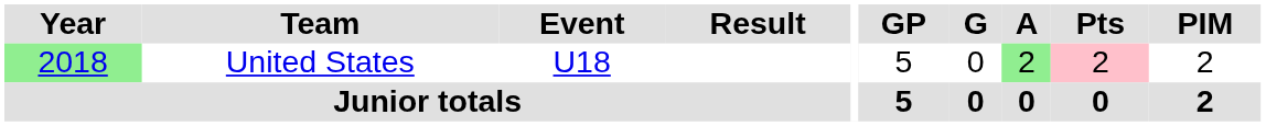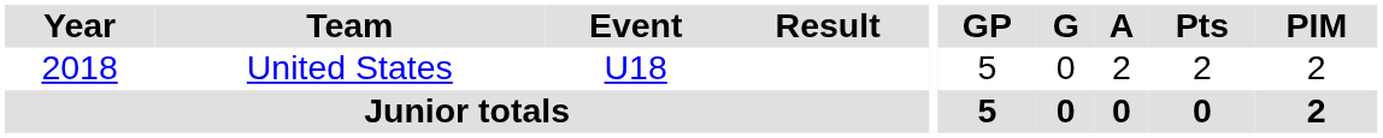 <table border="0" cellpadding="1" cellspacing="0" ID="Table3" style="text-align:center; width:40em">
 <tr ALIGN="center" bgcolor="#e0e0e0">
 <th>Year</th>
 <th>Team</th>
 <th>Event</th>
 <th>Result</th>
 <th rowspan="99" bgcolor="#ffffff"></th>
 <th>GP</th>
 <th>G</th>
 <th>A</th>
 <th>Pts</th>
 <th>PIM</th>
 </tr>
 <tr>
-<td style="background: lightgreen;"><a href='#'>2018</a></td>
+<td><a href='#'>2018</a></td>
 <td><a href='#'>United States</a></td>
 <td><a href='#'>U18</a></td>
 <td></td>
 <td>5</td>
 <td>0</td>
-<td style="background: lightgreen;">2</td>
-<td style="background: pink;">2</td>
+<td>2</td>
+<td>2</td>
 <td>2</td>
 </tr>
 <tr bgcolor="#e0e0e0">
 <th colspan="4">Junior totals</th>
 <th>5</th>
 <th>0</th>
 <th>0</th>
 <th>0</th>
 <th>2</th>
 </tr>
 </table>
